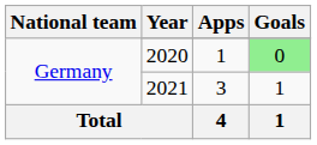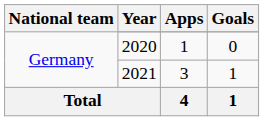 <table class="wikitable" style="text-align:center">
 <tr>
 <th>National team</th>
 <th>Year</th>
 <th>Apps</th>
 <th>Goals</th>
 </tr>
 <tr>
 <td rowspan="3"><a href='#'>Germany</a></td>
 </tr>
 <tr>
 <td>2020</td>
 <td>1</td>
-<td style="background: lightgreen;">0</td>
+<td>0</td>
 </tr>
 <tr>
 <td>2021</td>
 <td>3</td>
 <td>1</td>
 </tr>
 <tr>
 <th colspan="2">Total</th>
 <th>4</th>
 <th>1</th>
 </tr>
 </table>
